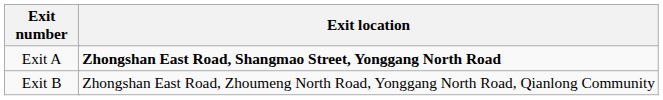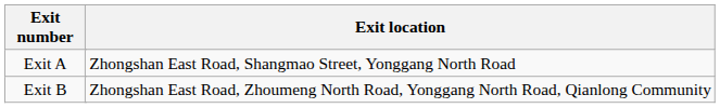 <table class="wikitable">
 <tr>
 <th style="width:70px" colspan="2">Exit number</th>
 <th>Exit location</th>
 </tr>
 <tr>
 <td align="center" colspan="2">Exit A </td>
-<td><strong>Zhongshan East Road, Shangmao Street, Yonggang North Road</strong></td>
+<td>Zhongshan East Road, Shangmao Street, Yonggang North Road</td>
 </tr>
 <tr>
 <td align="center" colspan="2">Exit B</td>
 <td>Zhongshan East Road, Zhoumeng North Road, Yonggang North Road, Qianlong Community</td>
 </tr>
 </table>
